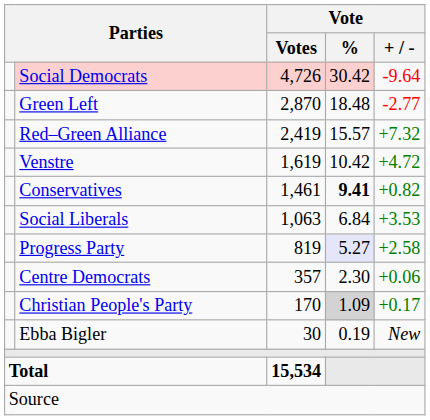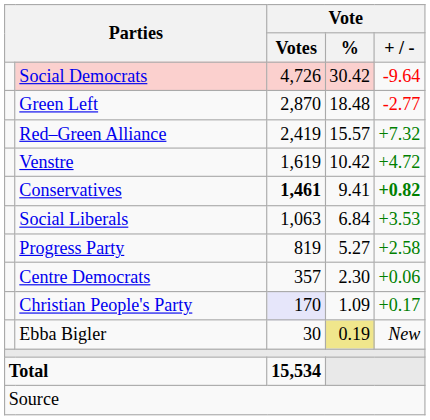 <table class="wikitable" style="text-align:right;">
 <tr>
 <th style="text-align:centre;" rowspan="2" colspan="2" width="225">Parties</th>
 <th colspan="3">Vote</th>
 </tr>
 <tr>
 <th width="15">Votes</th>
 <th width="15">%</th>
 <th width="15">+ / -</th>
 </tr>
 <tr>
 <td width="2" style="color:inherit;background:"></td>
 <td bgcolor=#fbd0ce  align="left"><a href='#'>Social Democrats</a></td>
 <td bgcolor=#fbd0ce>4,726</td>
 <td bgcolor=#fbd0ce>30.42</td>
 <td style=color:red;>-9.64</td>
 </tr>
 <tr>
 <td width="2" style="color:inherit;background:"></td>
 <td align="left"><a href='#'>Green Left</a></td>
 <td>2,870</td>
 <td>18.48</td>
 <td style=color:red;>-2.77</td>
 </tr>
 <tr>
 <td width="2" style="color:inherit;background:"></td>
 <td align="left"><a href='#'>Red–Green Alliance</a></td>
 <td>2,419</td>
 <td>15.57</td>
 <td style=color:green;>+7.32</td>
 </tr>
 <tr>
 <td width="2" style="color:inherit;background:"></td>
 <td align="left"><a href='#'>Venstre</a></td>
 <td>1,619</td>
 <td>10.42</td>
 <td style=color:green;>+4.72</td>
 </tr>
 <tr>
 <td width="2" style="color:inherit;background:"></td>
 <td align="left"><a href='#'>Conservatives</a></td>
-<td>1,461</td>
-<td><strong>9.41</strong></td>
-<td style=color:green;>+0.82</td>
+<td><strong>1,461</strong></td>
+<td>9.41</td>
+<td style=color:green;><strong>+0.82</strong></td>
 </tr>
 <tr>
 <td width="2" style="color:inherit;background:"></td>
 <td align="left"><a href='#'>Social Liberals</a></td>
 <td>1,063</td>
 <td>6.84</td>
 <td style=color:green;>+3.53</td>
 </tr>
 <tr>
 <td width="2" style="color:inherit;background:"></td>
 <td align="left"><a href='#'>Progress Party</a></td>
 <td>819</td>
-<td style="background: lavender;">5.27</td>
+<td>5.27</td>
 <td style=color:green;>+2.58</td>
 </tr>
 <tr>
 <td width="2" style="color:inherit;background:"></td>
 <td align="left"><a href='#'>Centre Democrats</a></td>
 <td>357</td>
 <td>2.30</td>
 <td style=color:green;>+0.06</td>
 </tr>
 <tr>
 <td width="2" style="color:inherit;background:"></td>
 <td align="left"><a href='#'>Christian People's Party</a></td>
-<td>170</td>
-<td style="background: lightgrey;">1.09</td>
+<td style="background: lavender;">170</td>
+<td>1.09</td>
 <td style=color:green;>+0.17</td>
 </tr>
 <tr>
 <td width="2" style="color:inherit;background:"></td>
 <td align="left">Ebba Bigler</td>
 <td>30</td>
-<td>0.19</td>
+<td style="background: khaki;">0.19</td>
 <td><em>New</em></td>
 </tr>
 <tr>
 <td colspan="7" bgcolor="#E9E9E9"></td>
 </tr>
 <tr>
 <td align="left" colspan="2"><strong>Total</strong></td>
 <td><strong>15,534</strong></td>
 <td bgcolor="#E9E9E9" colspan="2"></td>
 </tr>
 <tr>
 <td align="left" colspan="6">Source</td>
 </tr>
 </table>
